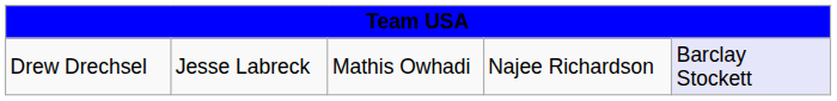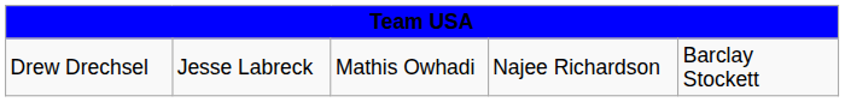 <table class="wikitable" style="width:40%; text-align=center;">
 <tr>
 <th colspan="5" style="background:blue;">Team USA</th>
 </tr>
 <tr>
 <td style="width:10%;">Drew Drechsel</td>
 <td style="width:10%;">Jesse Labreck</td>
 <td style="width:10%;">Mathis Owhadi</td>
 <td style="width:10%;">Najee Richardson</td>
-<td style="background: lavender; width:10%;">Barclay Stockett</td>
+<td style="width:10%;">Barclay Stockett</td>
 </tr>
 </table>
